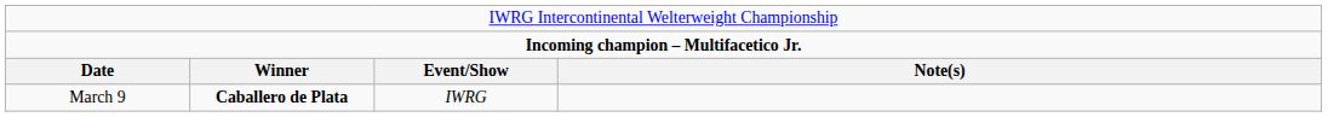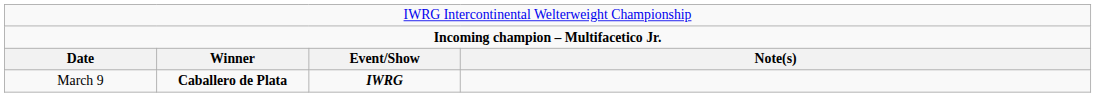 <table class="wikitable" style="text-align:center; width:100%;">
 <tr>
 <td colspan="4" style="text-align: center;"><a href='#'>IWRG Intercontinental Welterweight Championship</a></td>
 </tr>
 <tr>
 <td colspan="4" style="text-align: center;"><strong>Incoming champion – Multifacetico Jr.</strong></td>
 </tr>
 <tr>
 <th width=14%>Date</th>
 <th width=14%>Winner</th>
 <th width=14%>Event/Show</th>
 <th width=58%>Note(s)</th>
 </tr>
 <tr>
 <td>March 9</td>
 <td><strong>Caballero de Plata</strong></td>
-<td><em>IWRG</em></td>
+<td><strong><em>IWRG</em></strong></td>
 <td></td>
 </tr>
 </table>
